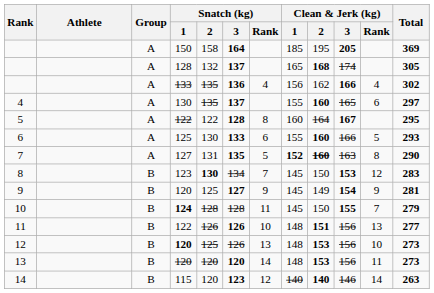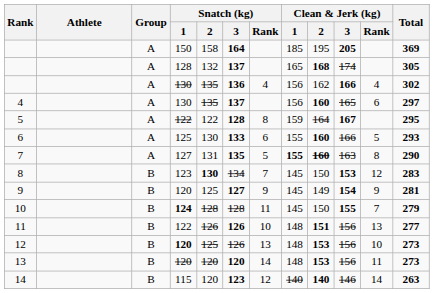 <table class = "wikitable" style="text-align:center;">
 <tr>
 <th rowspan=2 width=40>Rank</th>
 <th rowspan=2 width=250>Athlete</th>
 <th rowspan=2 width=50>Group</th>
 <th colspan=4>Snatch (kg)</th>
 <th colspan=4>Clean & Jerk (kg)</th>
 <th rowspan=2 width=60>Total</th>
 </tr>
 <tr>
 <th width=40>1</th>
 <th width=40>2</th>
 <th width=40>3</th>
 <th width=40>Rank</th>
 <th width=40>1</th>
 <th width=40>2</th>
 <th width=40>3</th>
 <th width=40>Rank</th>
 </tr>
 <tr>
 <td></td>
 <td align=left></td>
 <td>A</td>
 <td>150</td>
 <td>158</td>
 <td><strong>164</strong></td>
 <td></td>
 <td>185</td>
 <td>195</td>
 <td><strong>205</strong></td>
 <td></td>
 <td><strong>369</strong></td>
 </tr>
 <tr>
 <td></td>
 <td align=left></td>
 <td>A</td>
 <td>128</td>
 <td>132</td>
 <td><strong>137</strong></td>
 <td></td>
 <td>165</td>
 <td><strong>168</strong></td>
 <td><s>174</s></td>
 <td></td>
 <td><strong>305</strong></td>
 </tr>
 <tr>
 <td></td>
 <td align=left></td>
 <td>A</td>
-<td><s>133</s></td>
+<td><s>130</s></td>
 <td><s>135</s></td>
 <td><strong>136</strong></td>
 <td>4</td>
 <td>156</td>
 <td>162</td>
 <td><strong>166</strong></td>
 <td>4</td>
 <td><strong>302</strong></td>
 </tr>
 <tr>
 <td>4</td>
 <td align=left></td>
 <td>A</td>
 <td>130</td>
 <td><s>135</s></td>
 <td><strong>137</strong></td>
 <td></td>
-<td>155</td>
+<td>156</td>
 <td><strong>160</strong></td>
 <td><s>165</s></td>
 <td>6</td>
 <td><strong>297</strong></td>
 </tr>
 <tr>
 <td>5</td>
 <td align=left></td>
 <td>A</td>
 <td><s>122</s></td>
 <td>122</td>
 <td><strong>128</strong></td>
 <td>8</td>
-<td>160</td>
+<td>159</td>
 <td><s>164</s></td>
 <td><strong>167</strong></td>
 <td></td>
 <td><strong>295</strong></td>
 </tr>
 <tr>
 <td>6</td>
 <td align=left></td>
 <td>A</td>
 <td>125</td>
 <td>130</td>
 <td><strong>133</strong></td>
 <td>6</td>
 <td>155</td>
 <td><strong>160</strong></td>
 <td><s>166</s></td>
 <td>5</td>
 <td><strong>293</strong></td>
 </tr>
 <tr>
 <td>7</td>
 <td align=left></td>
 <td>A</td>
 <td>127</td>
 <td>131</td>
 <td><strong>135</strong></td>
 <td>5</td>
-<td><strong>152</strong></td>
+<td><strong>155</strong></td>
 <td><strong><s>160</s></strong></td>
 <td><s>163</s></td>
 <td>8</td>
 <td><strong>290</strong></td>
 </tr>
 <tr>
 <td>8</td>
 <td align=left></td>
 <td>B</td>
 <td>123</td>
 <td><strong>130</strong></td>
 <td><s>134</s></td>
 <td>7</td>
 <td>145</td>
 <td>150</td>
 <td><strong>153</strong></td>
 <td>12</td>
 <td><strong>283</strong></td>
 </tr>
 <tr>
 <td>9</td>
 <td align=left></td>
 <td>B</td>
 <td>120</td>
 <td>125</td>
 <td><strong>127</strong></td>
 <td>9</td>
 <td>145</td>
 <td>149</td>
 <td><strong>154</strong></td>
 <td>9</td>
 <td><strong>281</strong></td>
 </tr>
 <tr>
 <td>10</td>
 <td align=left></td>
 <td>B</td>
 <td><strong>124</strong></td>
 <td><s>128</s></td>
 <td><s>128</s></td>
 <td>11</td>
 <td>145</td>
 <td>150</td>
 <td><strong>155</strong></td>
 <td>7</td>
 <td><strong>279</strong></td>
 </tr>
 <tr>
 <td>11</td>
 <td align=left></td>
 <td>B</td>
 <td>122</td>
 <td><s>126</s></td>
 <td><strong>126</strong></td>
 <td>10</td>
 <td>148</td>
 <td><strong>151</strong></td>
 <td><s>156</s></td>
 <td>13</td>
 <td><strong>277</strong></td>
 </tr>
 <tr>
 <td>12</td>
 <td align=left></td>
 <td>B</td>
 <td><strong>120</strong></td>
 <td><s>125</s></td>
 <td><s>126</s></td>
 <td>13</td>
 <td>148</td>
 <td><strong>153</strong></td>
 <td><s>156</s></td>
 <td>10</td>
 <td><strong>273</strong></td>
 </tr>
 <tr>
 <td>13</td>
 <td align=left></td>
 <td>B</td>
 <td><s>120</s></td>
 <td><s>120</s></td>
 <td><strong>120</strong></td>
 <td>14</td>
 <td>148</td>
 <td><strong>153</strong></td>
 <td><s>156</s></td>
 <td>11</td>
 <td><strong>273</strong></td>
 </tr>
 <tr>
 <td>14</td>
 <td align=left></td>
 <td>B</td>
 <td>115</td>
 <td>120</td>
 <td><strong>123</strong></td>
 <td>12</td>
 <td><s>140</s></td>
 <td><strong>140</strong></td>
 <td><s>146</s></td>
 <td>14</td>
 <td><strong>263</strong></td>
 </tr>
 </table>
